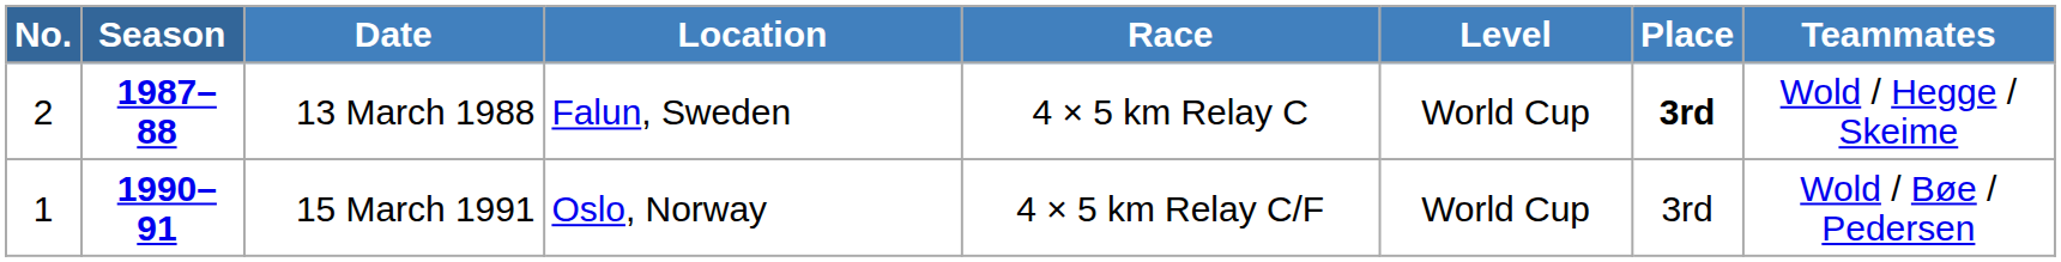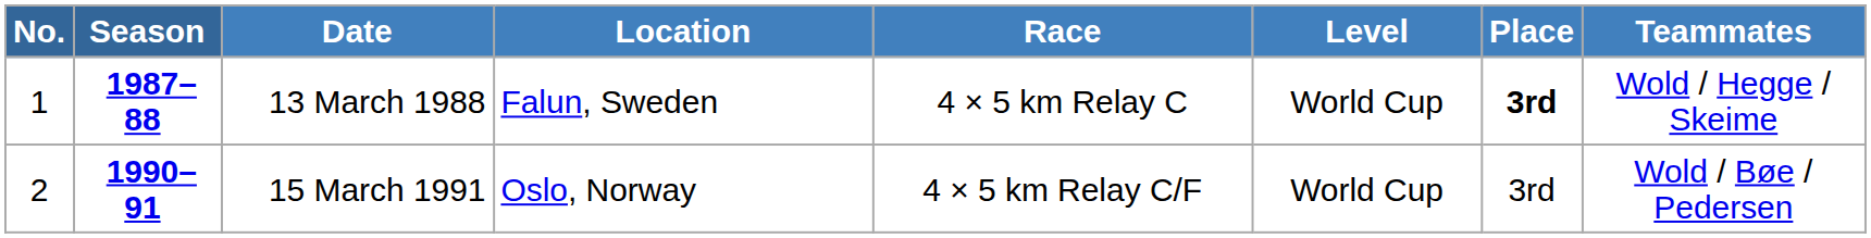 <table class="wikitable sortable" style="font-size:95%; text-align:center; border:grey solid 1px; border-collapse:collapse; background:#ffffff;">
 <tr style="background:#efefef;">
 <th style="background-color:#369; color:white;">No.</th>
 <th style="background-color:#369; color:white;">Season</th>
 <th style="background-color:#4180be; color:white; width:120px;">Date</th>
 <th style="background-color:#4180be; color:white; width:170px;">Location</th>
 <th style="background-color:#4180be; color:white; width:170px;">Race</th>
 <th style="background-color:#4180be; color:white; width:100px;">Level</th>
 <th style="background-color:#4180be; color:white;">Place</th>
 <th style="background-color:#4180be; color:white;">Teammates</th>
 </tr>
 <tr>
-<td align=center>2</td>
+<td align=center>1</td>
 <td rowspan=1 align=center><strong> <a href='#'>1987–88</a> </strong></td>
 <td align=right>13 March 1988</td>
 <td align=left> <a href='#'>Falun</a>, Sweden</td>
 <td>4 × 5 km Relay C</td>
 <td>World Cup</td>
 <td><strong>3rd</strong></td>
 <td><a href='#'>Wold</a> / <a href='#'>Hegge</a> / <a href='#'>Skeime</a></td>
 </tr>
 <tr>
-<td align=center>1</td>
+<td align=center>2</td>
 <td rowspan=1 align=center><strong> <a href='#'>1990–91</a> </strong></td>
 <td align=right>15 March 1991</td>
 <td align=left> <a href='#'>Oslo</a>, Norway</td>
 <td>4 × 5 km Relay C/F</td>
 <td>World Cup</td>
 <td>3rd</td>
 <td><a href='#'>Wold</a> / <a href='#'>Bøe</a> / <a href='#'>Pedersen</a></td>
 </tr>
 </table>
